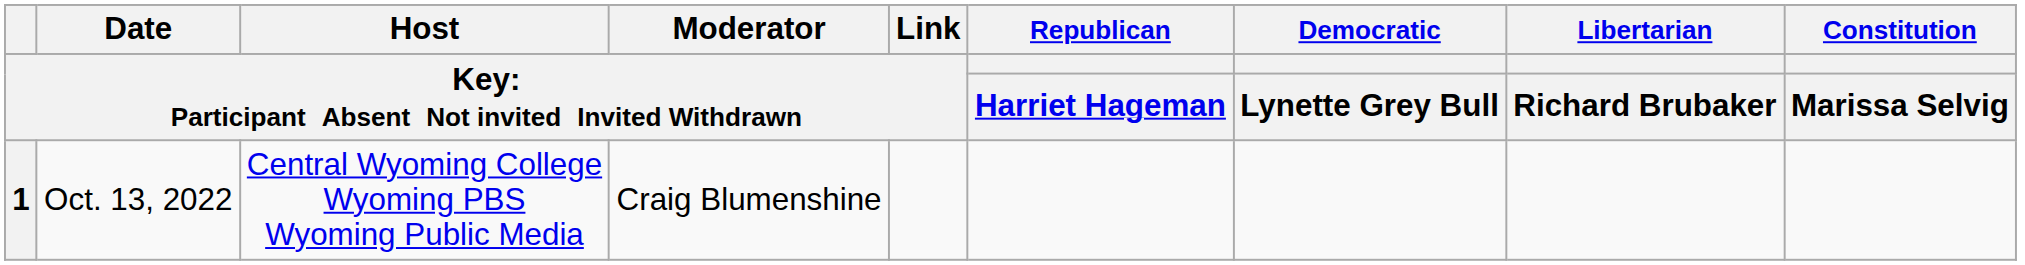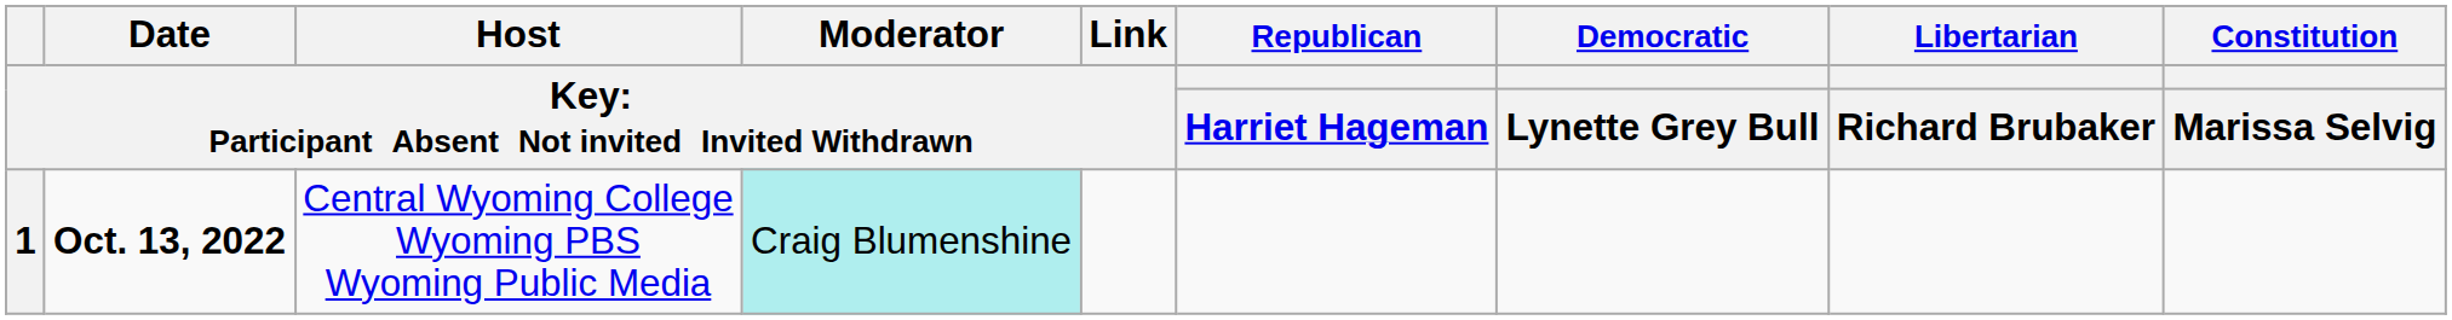 <table class="wikitable" style="text-align:center;">
 <tr>
 <th scope="col"></th>
 <th scope="col">Date</th>
 <th scope="col">Host</th>
 <th scope="col">Moderator</th>
 <th scope="col">Link</th>
 <th scope="col"><small><a href='#'>Republican</a></small></th>
 <th scope="col"><small><a href='#'>Democratic</a></small></th>
 <th scope="col"><small><a href='#'>Libertarian</a></small></th>
 <th scope="col"><small><a href='#'>Constitution</a></small></th>
 </tr>
 <tr>
 <th colspan="5" rowspan="2">Key:<br> <small>Participant </small>  <small>Absent </small>  <small>Not invited </small>  <small>Invited  Withdrawn</small></th>
 <th scope="col" style="background:"></th>
 <th scope="col" style="background:"></th>
 <th scope="col" style="background:"></th>
 <th scope="col" style="background:"></th>
 </tr>
 <tr>
 <th scope="col"><a href='#'>Harriet Hageman</a></th>
 <th scope="col">Lynette Grey Bull</th>
 <th scope="col">Richard Brubaker</th>
 <th scope="col">Marissa Selvig</th>
 </tr>
 <tr>
 <th>1</th>
-<td style="white-space:nowrap;">Oct. 13, 2022</td>
+<td style="white-space:nowrap;"><strong>Oct. 13, 2022</strong></td>
 <td style="white-space:nowrap;"><a href='#'>Central Wyoming College</a><br><a href='#'>Wyoming PBS</a><br><a href='#'>Wyoming Public Media</a></td>
-<td style="white-space:nowrap;">Craig Blumenshine</td>
+<td style="background: paleturquoise; white-space:nowrap;">Craig Blumenshine</td>
 <td style="white-space:nowrap;"></td>
 <td></td>
 <td></td>
 <td></td>
 <td></td>
 </tr>
 </table>
